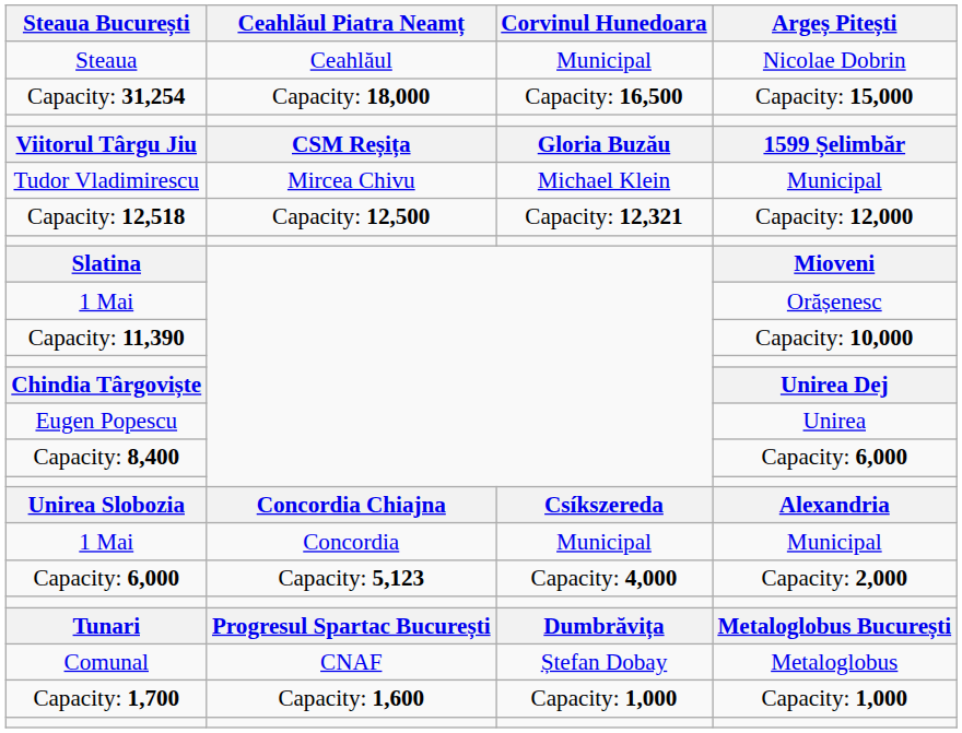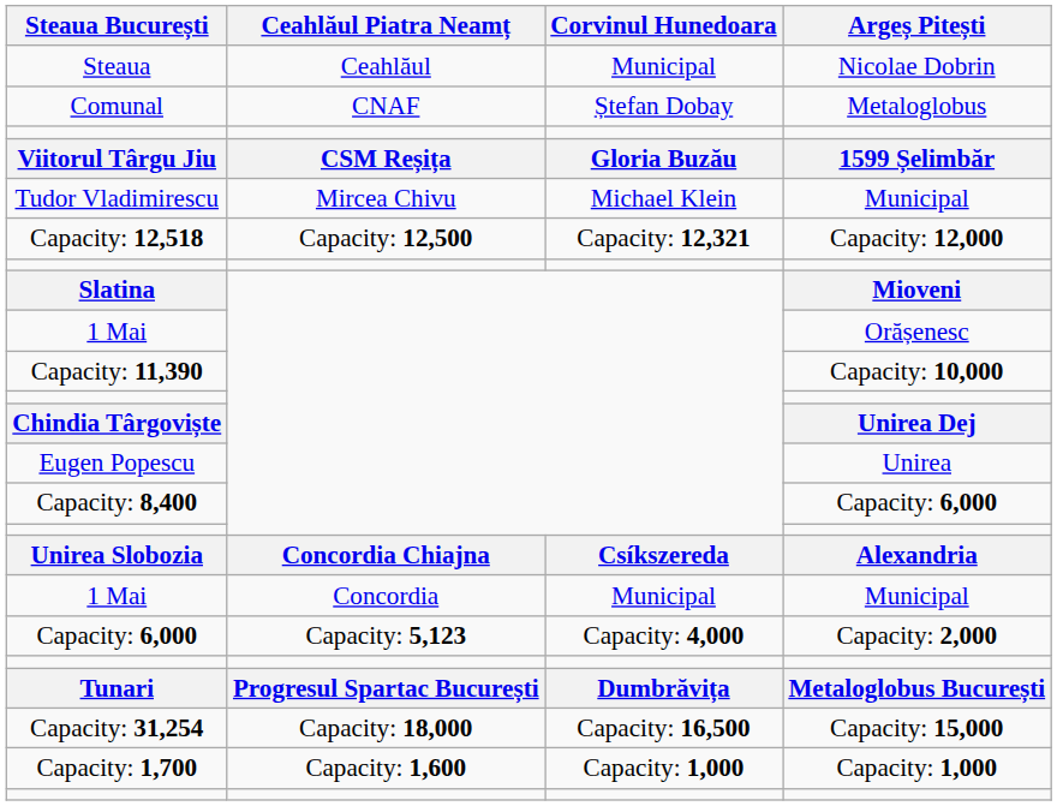 <table class="wikitable" style="text-align:center; margin:0.5em auto;">
 <tr>
 <th><a href='#'>Steaua București</a></th>
 <th><a href='#'>Ceahlăul Piatra Neamț</a></th>
 <th><a href='#'>Corvinul Hunedoara</a></th>
 <th><a href='#'>Argeș Pitești</a></th>
 </tr>
 <tr>
 <td><a href='#'>Steaua</a></td>
 <td><a href='#'>Ceahlăul</a></td>
 <td><a href='#'>Municipal</a></td>
 <td><a href='#'>Nicolae Dobrin</a></td>
 </tr>
 <tr>
-<td>Capacity: <strong>31,254</strong></td>
-<td>Capacity: <strong>18,000</strong></td>
-<td>Capacity: <strong>16,500</strong></td>
-<td>Capacity: <strong>15,000</strong></td>
+<td><a href='#'>Comunal</a></td>
+<td><a href='#'>CNAF</a></td>
+<td><a href='#'>Ștefan Dobay</a></td>
+<td><a href='#'>Metaloglobus</a></td>
 </tr>
 <tr>
 <td></td>
 <td></td>
 <td></td>
 <td></td>
 </tr>
 <tr>
 <th><a href='#'>Viitorul Târgu Jiu</a></th>
 <th><a href='#'>CSM Reșița</a></th>
 <th><a href='#'>Gloria Buzău</a></th>
 <th><a href='#'>1599 Șelimbăr</a></th>
 </tr>
 <tr>
 <td><a href='#'>Tudor Vladimirescu</a></td>
 <td><a href='#'>Mircea Chivu</a></td>
 <td><a href='#'>Michael Klein</a></td>
 <td><a href='#'>Municipal</a></td>
 </tr>
 <tr>
 <td>Capacity: <strong>12,518</strong></td>
 <td>Capacity: <strong>12,500</strong></td>
 <td>Capacity: <strong>12,321</strong></td>
 <td>Capacity: <strong>12,000</strong></td>
 </tr>
 <tr>
 <td></td>
 <td></td>
 <td></td>
 <td></td>
 </tr>
 <tr>
 <th><a href='#'>Slatina</a></th>
 <td colspan="2" rowspan="8"><br> </td>
 <th><a href='#'>Mioveni</a></th>
 </tr>
 <tr>
 <td><a href='#'>1 Mai</a></td>
 <td><a href='#'>Orășenesc</a></td>
 </tr>
 <tr>
 <td>Capacity: <strong>11,390</strong></td>
 <td>Capacity: <strong>10,000</strong></td>
 </tr>
 <tr>
 <td></td>
 <td></td>
 </tr>
 <tr>
 <th><a href='#'>Chindia Târgoviște</a></th>
 <th><a href='#'>Unirea Dej</a></th>
 </tr>
 <tr>
 <td><a href='#'>Eugen Popescu</a></td>
 <td><a href='#'>Unirea</a></td>
 </tr>
 <tr>
 <td>Capacity: <strong>8,400</strong></td>
 <td>Capacity: <strong>6,000</strong></td>
 </tr>
 <tr>
 <td></td>
 <td></td>
 </tr>
 <tr>
 <th><a href='#'>Unirea Slobozia</a></th>
 <th><a href='#'>Concordia Chiajna</a></th>
 <th><a href='#'>Csíkszereda</a></th>
 <th><a href='#'>Alexandria</a></th>
 </tr>
 <tr>
 <td><a href='#'>1 Mai</a></td>
 <td><a href='#'>Concordia</a></td>
 <td><a href='#'>Municipal</a></td>
 <td><a href='#'>Municipal</a></td>
 </tr>
 <tr>
 <td>Capacity: <strong>6,000</strong></td>
 <td>Capacity: <strong>5,123</strong></td>
 <td>Capacity: <strong>4,000</strong></td>
 <td>Capacity: <strong>2,000</strong></td>
 </tr>
 <tr>
 <td></td>
 <td></td>
 <td></td>
 <td></td>
 </tr>
 <tr>
 <th><a href='#'>Tunari</a></th>
 <th><a href='#'>Progresul Spartac București</a></th>
 <th><a href='#'>Dumbrăvița</a></th>
 <th><a href='#'>Metaloglobus București</a></th>
 </tr>
 <tr>
-<td><a href='#'>Comunal</a></td>
-<td><a href='#'>CNAF</a></td>
-<td><a href='#'>Ștefan Dobay</a></td>
-<td><a href='#'>Metaloglobus</a></td>
+<td>Capacity: <strong>31,254</strong></td>
+<td>Capacity: <strong>18,000</strong></td>
+<td>Capacity: <strong>16,500</strong></td>
+<td>Capacity: <strong>15,000</strong></td>
 </tr>
 <tr>
 <td>Capacity: <strong>1,700</strong></td>
 <td>Capacity: <strong>1,600</strong></td>
 <td>Capacity: <strong>1,000</strong></td>
 <td>Capacity: <strong>1,000</strong></td>
 </tr>
 <tr>
 <td></td>
 <td></td>
 <td></td>
 <td></td>
 </tr>
 </table>
